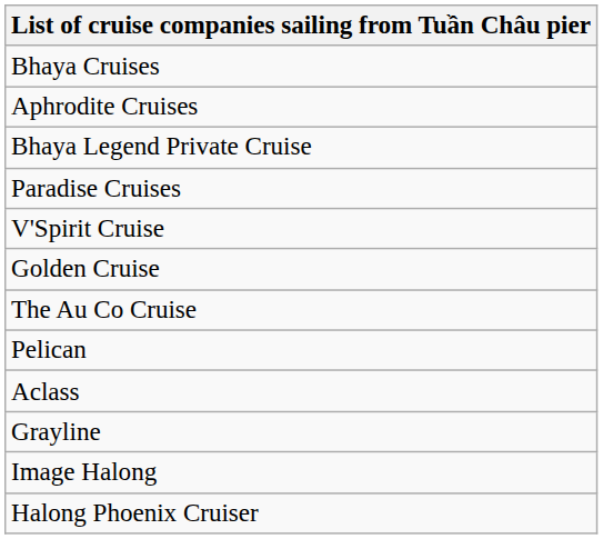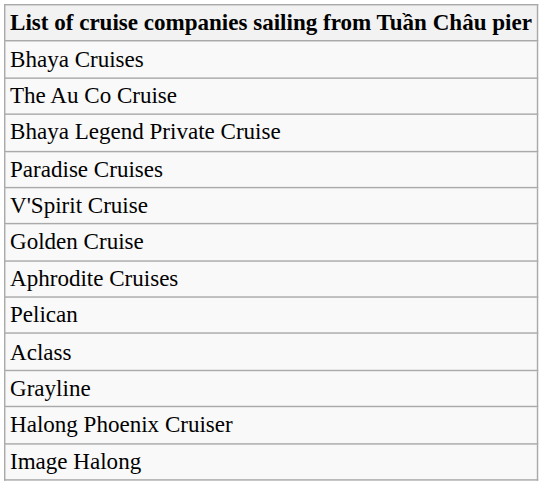 <table class="wikitable">
 <tr>
 <th>List of cruise companies sailing from Tuần Châu pier</th>
 </tr>
 <tr>
 <td>Bhaya Cruises</td>
 </tr>
 <tr>
-<td>Aphrodite Cruises</td>
+<td>The Au Co Cruise</td>
 </tr>
 <tr>
 <td>Bhaya Legend Private Cruise</td>
 </tr>
 <tr>
 <td>Paradise Cruises</td>
 </tr>
 <tr>
 <td>V'Spirit Cruise</td>
 </tr>
 <tr>
 <td>Golden Cruise</td>
 </tr>
 <tr>
-<td>The Au Co Cruise</td>
+<td>Aphrodite Cruises</td>
 </tr>
 <tr>
 <td>Pelican</td>
 </tr>
 <tr>
 <td>Aclass</td>
 </tr>
 <tr>
 <td>Grayline</td>
 </tr>
 <tr>
+<td>Halong Phoenix Cruiser</td>
+</tr>
+<tr>
 <td>Image Halong</td>
 </tr>
-<tr>
-<td>Halong Phoenix Cruiser</td>
-</tr>
 </table>
